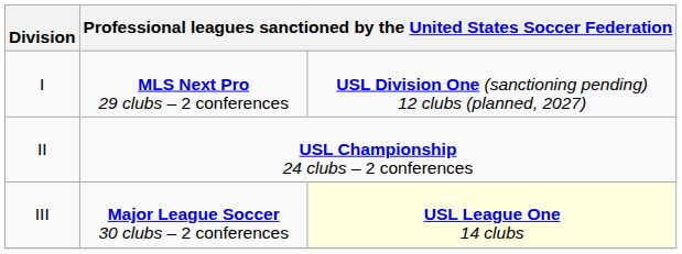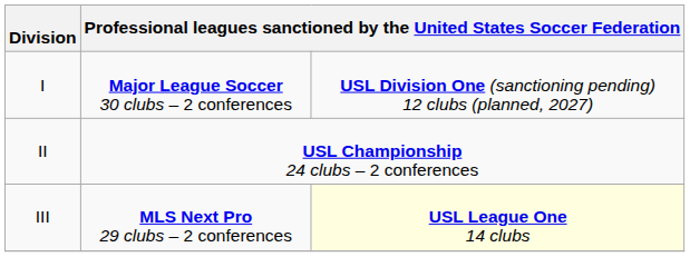 <table class="wikitable" style="text-align: center;">
 <tr>
 <th><br>Division</th>
 <th colspan="3">Professional leagues sanctioned by the <a href='#'>United States Soccer Federation</a></th>
 </tr>
 <tr>
 <td>I</td>
-<td><br><strong><a href='#'>MLS Next Pro</a></strong><br><em>29 clubs</em> – 2 conferences</td>
+<td><br><strong><a href='#'>Major League Soccer</a></strong><br> <em>30 clubs</em> – 2 conferences</td>
 <td><br><strong><a href='#'>USL Division One</a></strong> <em>(sanctioning pending)</em><br> <em>12 clubs (planned, 2027)</em></td>
 </tr>
 <tr>
 <td>II</td>
 <td colspan="3"><br><strong><a href='#'>USL Championship</a></strong><br> <em>24 clubs</em> – 2 conferences</td>
 </tr>
 <tr>
 <td>III</td>
-<td><br><strong><a href='#'>Major League Soccer</a></strong><br> <em>30 clubs</em> – 2 conferences</td>
+<td><br><strong><a href='#'>MLS Next Pro</a></strong><br><em>29 clubs</em> – 2 conferences</td>
 <td style="background: lightyellow;"><br><strong><a href='#'>USL League One</a></strong><br>  <em>14 clubs</em></td>
 </tr>
 <tr>
 </tr>
 </table>
